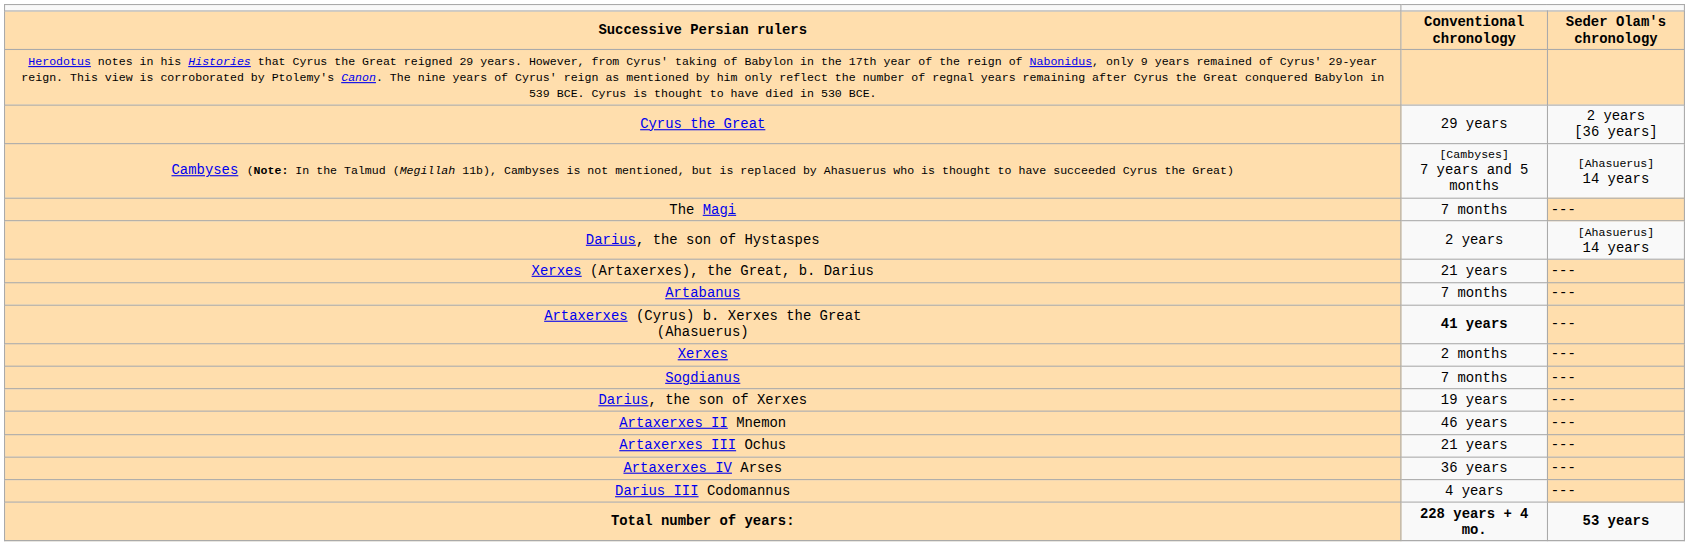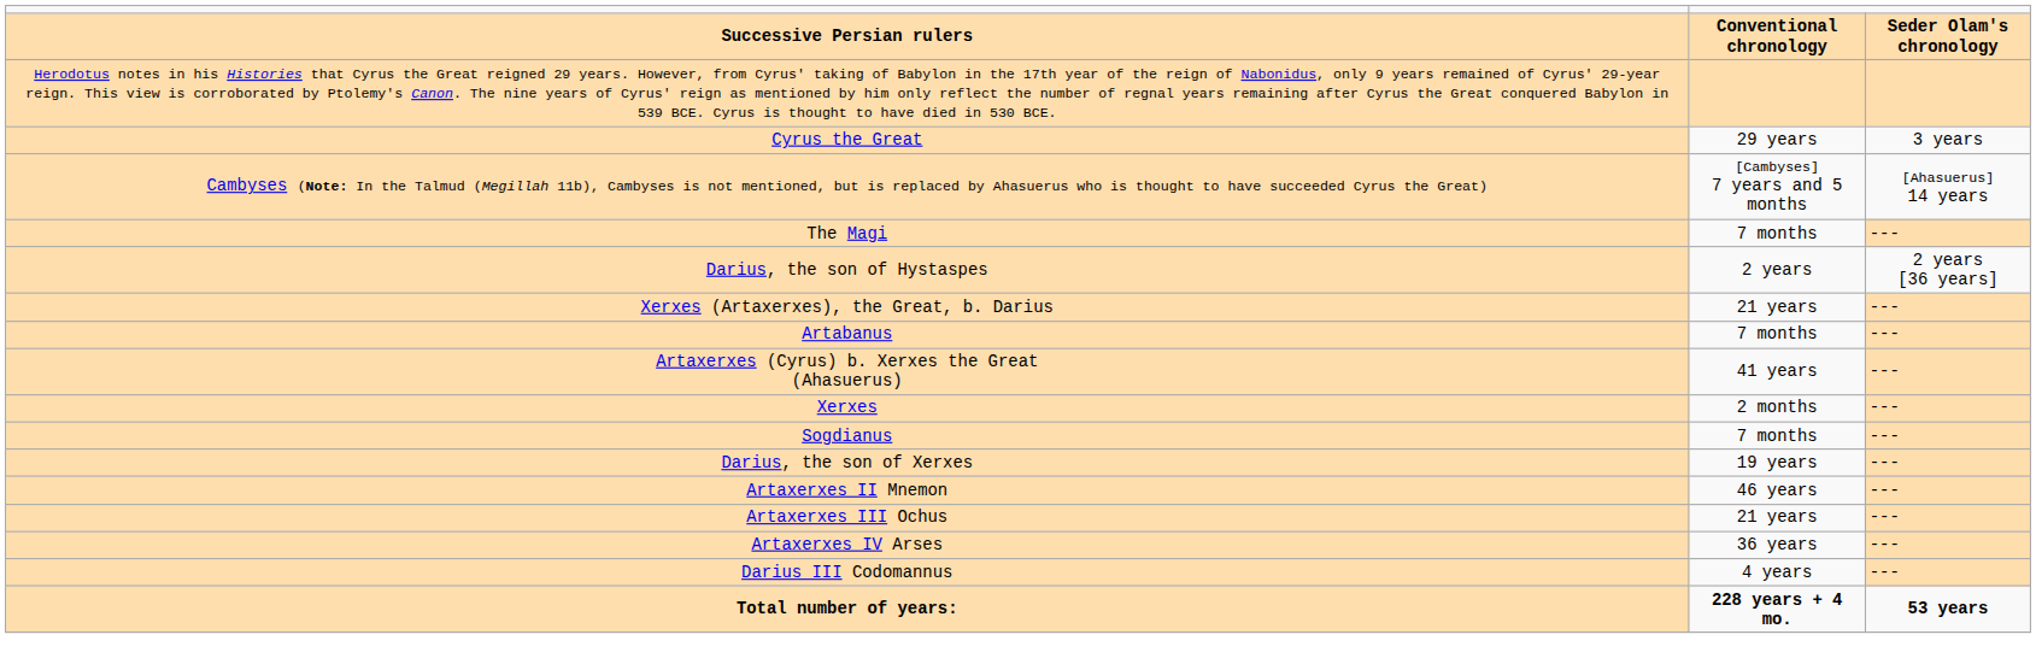 <table class="wikitable">
 <tr>
 <td></td>
 </tr>
 <tr>
 <th style="background:Navajowhite; text-align:center;">Successive Persian rulers</th>
 <th style="background:Navajowhite;">Conventional chronology</th>
 <th style="background:Navajowhite;">Seder Olam's chronology</th>
 </tr>
 <tr>
 <td style="background:Navajowhite; text-align:center;"><small><a href='#'>Herodotus</a> notes in his <em><a href='#'>Histories</a></em> that Cyrus the Great reigned 29 years. However, from Cyrus' taking of Babylon in the 17th year of the reign of <a href='#'>Nabonidus</a>, only 9 years remained of Cyrus' 29-year reign. This view is corroborated by Ptolemy's <em><a href='#'>Canon</a></em>. The nine years of Cyrus' reign as mentioned by him only reflect the number of regnal years remaining after Cyrus the Great conquered Babylon in 539 BCE. Cyrus is thought to have died in 530 BCE.</small></td>
 <td style="background:Navajowhite;"></td>
 <td style="background:Navajowhite;"></td>
 </tr>
 <tr>
 <td style="background:Navajowhite; text-align:center;"><a href='#'>Cyrus the Great</a></td>
 <td style=text-align:center;>29 years</td>
-<td style=text-align:center;>2 years<br> [36 years]</td>
+<td style=text-align:center;>3 years</td>
 </tr>
 <tr>
 <td style="background:Navajowhite; text-align:center;"><a href='#'>Cambyses</a> <small>(<strong>Note:</strong> In the Talmud (<em>Megillah</em> 11b), Cambyses is not mentioned, but is replaced by Ahasuerus who is thought to have succeeded Cyrus the Great)</small></td>
 <td style=text-align:center;><small>[Cambyses]</small><br>7 years and 5 months</td>
 <td style=text-align:center;><small>[Ahasuerus]</small><br>14 years</td>
 </tr>
 <tr>
 <td style="background:Navajowhite; text-align:center;">The <a href='#'>Magi</a></td>
 <td style=text-align:center;>7 months</td>
 <td style="background:Navajowhite; style=text-align:center;">---</td>
 </tr>
 <tr>
 <td style="background:Navajowhite; text-align:center;"><a href='#'>Darius</a>, the son of Hystaspes</td>
 <td style=text-align:center;>2 years</td>
-<td style=text-align:center;><small>[Ahasuerus]</small><br>14 years</td>
+<td style=text-align:center;>2 years<br> [36 years]</td>
 </tr>
 <tr>
 <td style="background:Navajowhite; text-align:center;"><a href='#'>Xerxes</a> (Artaxerxes), the Great, b. Darius</td>
 <td style=text-align:center;>21 years</td>
 <td style="background:Navajowhite; style=text-align:center;">---</td>
 </tr>
 <tr>
 <td style="background:Navajowhite; text-align:center;"><a href='#'>Artabanus</a></td>
 <td style=text-align:center;>7 months</td>
 <td style="background:Navajowhite; style=text-align:center;">---</td>
 </tr>
 <tr>
 <td style="background:Navajowhite; text-align:center;"><a href='#'>Artaxerxes</a> (Cyrus) b. Xerxes the Great<br>(Ahasuerus)</td>
-<td style=text-align:center;><strong>41 years</strong></td>
+<td style=text-align:center;>41 years</td>
 <td style="background:Navajowhite; style=text-align:center;">---</td>
 </tr>
 <tr>
 <td style="background:Navajowhite; text-align:center;"><a href='#'>Xerxes</a></td>
 <td style=text-align:center;>2 months</td>
 <td style="background:Navajowhite; style=text-align:center;">---</td>
 </tr>
 <tr>
 <td style="background:Navajowhite; text-align:center;"><a href='#'>Sogdianus</a></td>
 <td style=text-align:center;>7 months</td>
 <td style="background:Navajowhite; style=text-align:center;">---</td>
 </tr>
 <tr>
 <td style="background:Navajowhite; text-align:center;"><a href='#'>Darius</a>, the son of Xerxes</td>
 <td style=text-align:center;>19 years</td>
 <td style="background:Navajowhite; style=text-align:center;">---</td>
 </tr>
 <tr>
 <td style="background:Navajowhite; text-align:center;"><a href='#'>Artaxerxes II</a> Mnemon</td>
 <td style=text-align:center;>46 years</td>
 <td style="background:Navajowhite; style=text-align:center;">---</td>
 </tr>
 <tr>
 <td style="background:Navajowhite; text-align:center;"><a href='#'>Artaxerxes III</a> Ochus</td>
 <td style=text-align:center;>21 years</td>
 <td style="background:Navajowhite; style=text-align:center;">---</td>
 </tr>
 <tr>
 <td style="background:Navajowhite; text-align:center;"><a href='#'>Artaxerxes IV</a> Arses</td>
 <td style=text-align:center;>36 years</td>
 <td style="background:Navajowhite; style=text-align:center;">---</td>
 </tr>
 <tr>
 <td style="background:Navajowhite; text-align:center;"><a href='#'>Darius III</a> Codomannus</td>
 <td style=text-align:center;>4 years</td>
 <td style="background:Navajowhite; style=text-align:center;">---</td>
 </tr>
 <tr>
 <td style="background:Navajowhite; text-align:center;"><strong>Total number of years:</strong></td>
 <td style=text-align:center;><strong>228 years + 4 mo.</strong></td>
 <td style=text-align:center;><strong>53 years</strong></td>
 </tr>
 <tr>
 </tr>
 </table>
